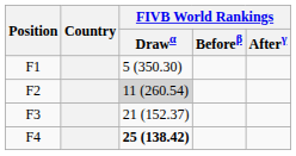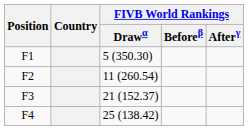 <table class="wikitable sortable plainrowheaders sticky-header col3right col4center col5center col6center" style="font-size:90%; white-space:nowrap">
 <tr>
 <th rowspan=2>Position</th>
 <th rowspan=2>Country</th>
 <th colspan=3><a href='#'>FIVB World Rankings</a></th>
 </tr>
 <tr>
 <th>Draw<sup><strong><a href='#'>α</a></strong></sup></th>
 <th>Before<sup><strong><a href='#'>β</a></strong></sup></th>
 <th>After<sup><strong><a href='#'>γ</a></strong></sup></th>
 </tr>
 <tr>
 <td style="text-align:center">F1</td>
 <th scope="row"></th>
 <td>5 (350.30)</td>
 <td></td>
 <td></td>
 </tr>
 <tr>
 <td style="text-align:center">F2</td>
 <th scope="row"></th>
-<td style="background: lightgrey;">11 (260.54)</td>
+<td>11 (260.54)</td>
 <td></td>
 <td></td>
 </tr>
 <tr>
 <td style="text-align:center">F3</td>
 <th scope="row"></th>
 <td>21 (152.37)</td>
 <td></td>
 <td></td>
 </tr>
 <tr>
 <td style="text-align:center">F4</td>
 <th scope="row"></th>
-<td><strong>25 (138.42)</strong></td>
+<td>25 (138.42)</td>
 <td></td>
 <td></td>
 </tr>
 </table>
